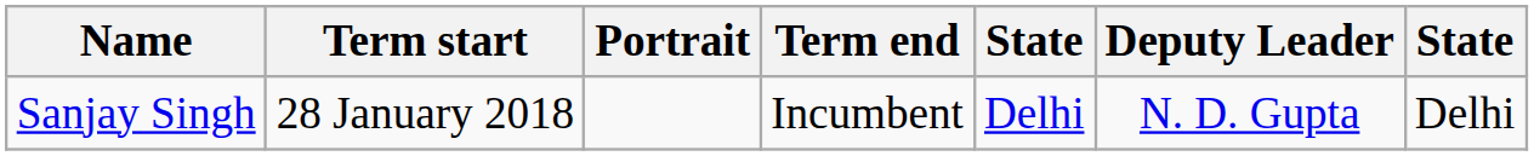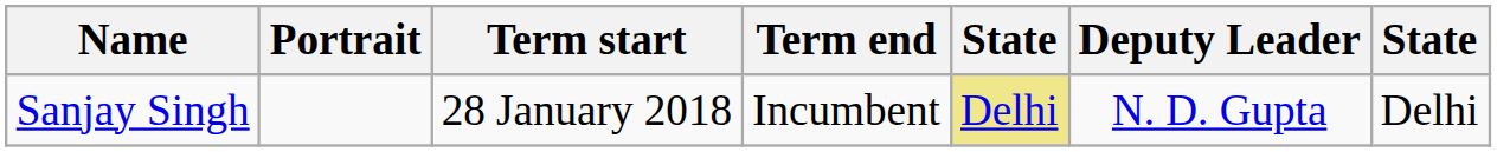 <table class="wikitable sortable" style="text-align:center;">
 <tr>
 <th Style="background-color:">Name</th>
+<th style="background-color:">Portrait</th>
 <th style="background-color:">Term start</th>
-<th style="background-color:">Portrait</th>
 <th Style="background-color:">Term end</th>
 <th Style="background-color:">State</th>
 <th Style="background-color:">Deputy Leader</th>
 <th Style="background-color:">State</th>
 </tr>
 <tr>
 <td><a href='#'>Sanjay Singh</a></td>
+<td></td>
 <td>28 January 2018</td>
-<td></td>
 <td>Incumbent</td>
-<td><a href='#'>Delhi</a></td>
+<td style="background: khaki;"><a href='#'>Delhi</a></td>
 <td><a href='#'>N. D. Gupta</a><br></td>
 <td>Delhi</td>
 </tr>
 </table>
